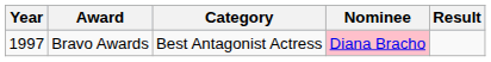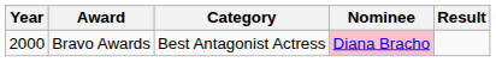 <table class="wikitable">
 <tr style="background:#b0c4de;">
 <th>Year</th>
 <th>Award</th>
 <th>Category</th>
 <th>Nominee</th>
 <th>Result</th>
 </tr>
 <tr>
-<td>1997</td>
+<td>2000</td>
 <td>Bravo Awards</td>
 <td>Best Antagonist Actress</td>
 <td style="background: pink;"><a href='#'>Diana Bracho</a></td>
 <td></td>
 </tr>
 </table>
